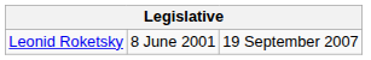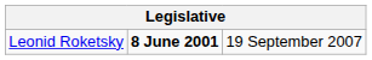 <table class="wikitable sortable">
 <tr>
 <th colspan=3>Legislative</th>
 </tr>
 <tr>
 <td><a href='#'>Leonid Roketsky</a></td>
-<td>8 June 2001</td>
+<td><strong>8 June 2001</strong></td>
 <td>19 September 2007</td>
 </tr>
 </table>
